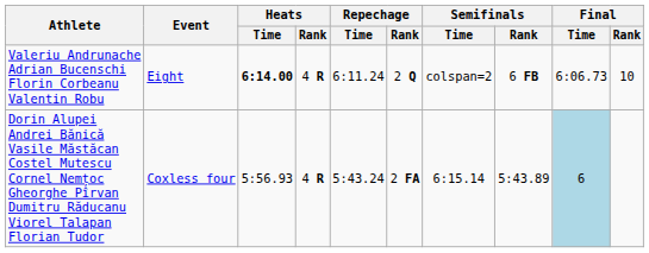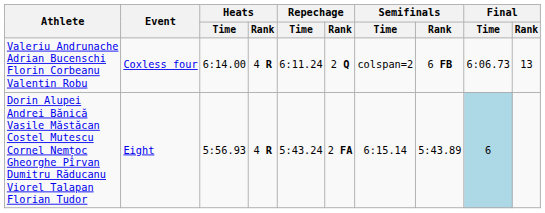 <table class="wikitable" style="font-size:90%;">
 <tr>
 <th rowspan="2">Athlete</th>
 <th rowspan="2">Event</th>
 <th colspan="2">Heats</th>
 <th colspan="2">Repechage</th>
 <th colspan="2">Semifinals</th>
 <th colspan="2">Final</th>
 </tr>
 <tr style="font-size:95%">
 <th>Time</th>
 <th>Rank</th>
 <th>Time</th>
 <th>Rank</th>
 <th>Time</th>
 <th>Rank</th>
 <th>Time</th>
 <th>Rank</th>
 </tr>
 <tr align=center>
 <td align=left><a href='#'>Valeriu Andrunache</a><br> <a href='#'>Adrian Bucenschi</a><br> <a href='#'>Florin Corbeanu</a><br> <a href='#'>Valentin Robu</a></td>
-<td align=left><a href='#'>Eight</a></td>
-<td><strong>6:14.00</strong></td>
+<td align=left><a href='#'>Coxless four</a></td>
+<td>6:14.00</td>
 <td>4 <strong>R</strong></td>
 <td>6:11.24</td>
 <td>2 <strong>Q</strong></td>
 <td>colspan=2 </td>
 <td>6 <strong>FB</strong></td>
 <td>6:06.73</td>
-<td>10</td>
+<td>13</td>
 </tr>
 <tr align=center>
 <td align=left><a href='#'>Dorin Alupei</a><br> <a href='#'>Andrei Bănică</a><br> <a href='#'>Vasile Măstăcan</a><br> <a href='#'>Costel Mutescu</a><br> <a href='#'>Cornel Nemțoc</a><br> <a href='#'>Gheorghe Pîrvan</a><br> <a href='#'>Dumitru Răducanu</a><br> <a href='#'>Viorel Talapan</a><br> <a href='#'>Florian Tudor</a></td>
-<td align=left><a href='#'>Coxless four</a></td>
+<td align=left><a href='#'>Eight</a></td>
 <td>5:56.93</td>
 <td>4 <strong>R</strong></td>
 <td>5:43.24</td>
 <td>2 <strong>FA</strong></td>
 <td>6:15.14</td>
 <td>5:43.89</td>
 <td style="background: lightblue;">6</td>
 </tr>
 </table>
